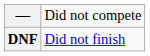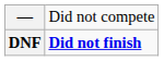 <table class="wikitable">
 <tr>
 <th scope="col">—</th>
 <td>Did not compete</td>
 </tr>
 <tr>
 <th scope="row">DNF</th>
-<td><a href='#'>Did not finish</a></td>
+<td><strong><a href='#'>Did not finish</a></strong></td>
 </tr>
 </table>
